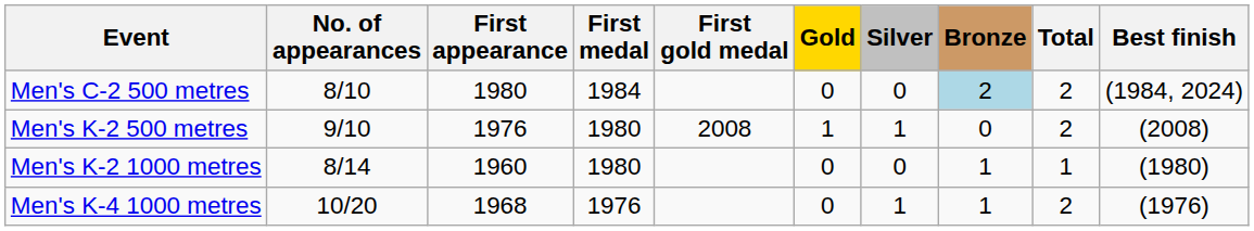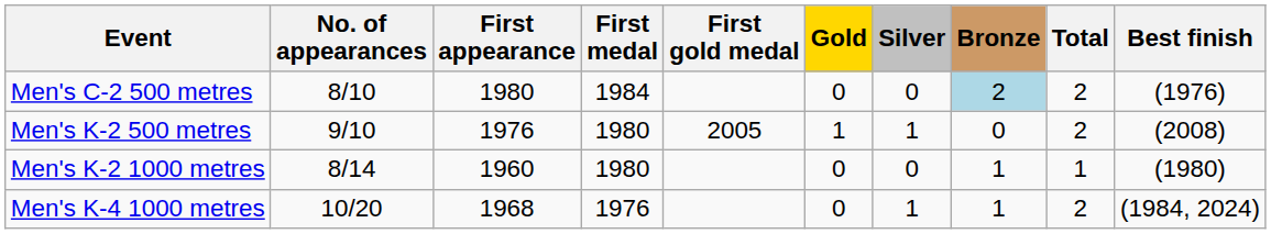 <table class="wikitable sortable" style="text-align:center">
 <tr>
 <th>Event</th>
 <th>No. of<br>appearances</th>
 <th>First<br>appearance</th>
 <th>First<br>medal</th>
 <th>First<br>gold medal</th>
 <th style="background-color:gold;">Gold</th>
 <th style="background-color:silver;">Silver</th>
 <th style="background-color:#c96;">Bronze</th>
 <th>Total</th>
 <th>Best finish</th>
 </tr>
 <tr>
 <td align=left><a href='#'>Men's C-2 500 metres</a></td>
 <td>8/10</td>
 <td>1980</td>
 <td>1984</td>
 <td></td>
 <td>0</td>
 <td>0</td>
 <td style="background: lightblue;">2</td>
 <td>2</td>
-<td> (1984, 2024)</td>
+<td> (1976)</td>
 </tr>
 <tr>
 <td align=left><a href='#'>Men's K-2 500 metres</a></td>
 <td>9/10</td>
 <td>1976</td>
 <td>1980</td>
-<td>2008</td>
+<td>2005</td>
 <td>1</td>
 <td>1</td>
 <td>0</td>
 <td>2</td>
 <td> (2008)</td>
 </tr>
 <tr>
 <td align=left><a href='#'>Men's K-2 1000 metres</a></td>
 <td>8/14</td>
 <td>1960</td>
 <td>1980</td>
 <td></td>
 <td>0</td>
 <td>0</td>
 <td>1</td>
 <td>1</td>
 <td> (1980)</td>
 </tr>
 <tr>
 <td align=left><a href='#'>Men's K-4 1000 metres</a></td>
 <td>10/20</td>
 <td>1968</td>
 <td>1976</td>
 <td></td>
 <td>0</td>
 <td>1</td>
 <td>1</td>
 <td>2</td>
-<td> (1976)</td>
+<td> (1984, 2024)</td>
 </tr>
 </table>
